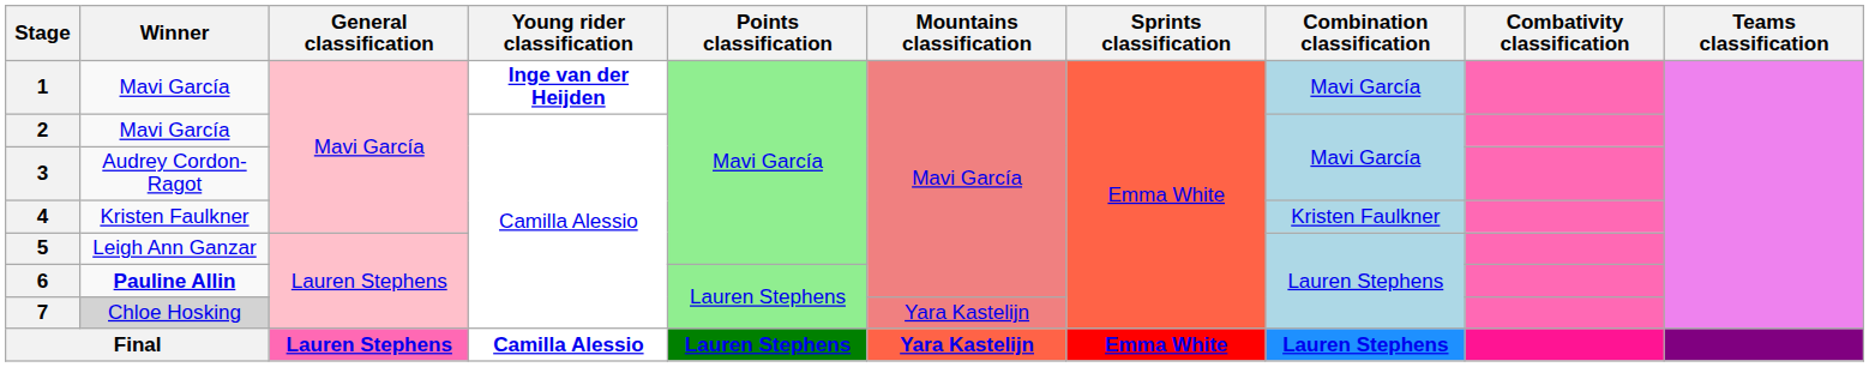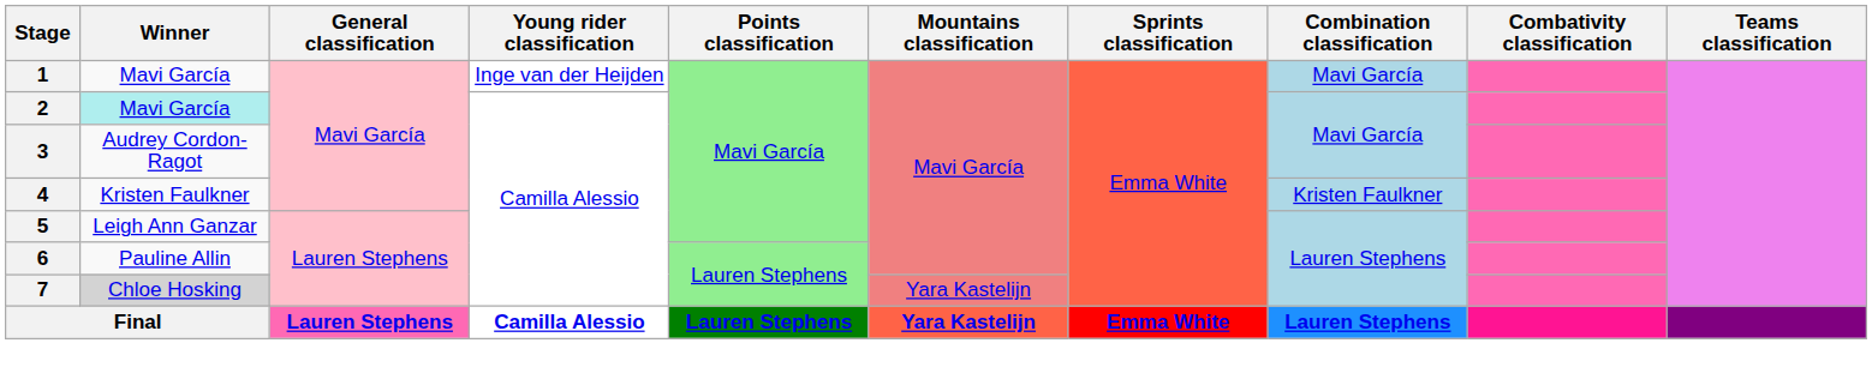 <table class="wikitable" style="text-align: center; font-size:86%;">
 <tr style="background-color: #efefef;">
 <th width="1%">Stage</th>
 <th width="7%">Winner</th>
 <th width="7%">General classification<br></th>
 <th width="7%">Young rider classification<br></th>
 <th width="7%">Points classification<br></th>
 <th width="7%">Mountains classification<br></th>
 <th width="7%">Sprints classification<br></th>
 <th width="7%">Combination classification<br></th>
 <th width="7%">Combativity classification<br></th>
 <th width="7%">Teams classification<br></th>
 </tr>
 <tr>
 <th>1</th>
 <td><a href='#'>Mavi García</a></td>
 <td style="background:pink;" rowspan=4><a href='#'>Mavi García</a></td>
-<td style="background:white;" rowspan=1><strong><a href='#'>Inge van der Heijden</a></strong></td>
+<td style="background:white;" rowspan=1><a href='#'>Inge van der Heijden</a></td>
 <td style="background:lightgreen;" rowspan=5><a href='#'>Mavi García</a></td>
 <td style="background:LightCoral;" rowspan=6><a href='#'>Mavi García</a></td>
 <td style="background:tomato;" rowspan=7><a href='#'><span>Emma White</span></a></td>
 <td style="background:lightblue;" rowspan=1><a href='#'>Mavi García</a></td>
 <td style="background:HotPink;" rowspan=1></td>
 <td style="background:violet;" rowspan=7></td>
 </tr>
 <tr>
 <th>2</th>
-<td><a href='#'>Mavi García</a></td>
+<td style="background: paleturquoise;"><a href='#'>Mavi García</a></td>
 <td style="background:white;" rowspan=6><a href='#'>Camilla Alessio</a></td>
 <td style="background:lightblue;" rowspan=2><a href='#'>Mavi García</a></td>
 <td style="background:HotPink;" rowspan=1></td>
 </tr>
 <tr>
 <th>3</th>
 <td><a href='#'>Audrey Cordon-Ragot</a></td>
 <td style="background:HotPink;" rowspan=1></td>
 </tr>
 <tr>
 <th>4</th>
 <td><a href='#'>Kristen Faulkner</a></td>
 <td style="background:lightblue;" rowspan=1><a href='#'>Kristen Faulkner</a></td>
 <td style="background:HotPink;" rowspan=1></td>
 </tr>
 <tr>
 <th>5</th>
 <td><a href='#'>Leigh Ann Ganzar</a></td>
 <td style="background:pink;" rowspan=3><a href='#'>Lauren Stephens</a></td>
 <td style="background:lightblue;" rowspan=3><a href='#'>Lauren Stephens</a></td>
 <td style="background:HotPink;" rowspan=1></td>
 </tr>
 <tr>
 <th>6</th>
-<td><strong><a href='#'>Pauline Allin</a></strong></td>
+<td><a href='#'>Pauline Allin</a></td>
 <td style="background:lightgreen;" rowspan=2><a href='#'>Lauren Stephens</a></td>
 <td style="background:HotPink;" rowspan=1></td>
 </tr>
 <tr>
 <th>7</th>
 <td style="background: lightgrey;"><a href='#'>Chloe Hosking</a></td>
 <td style="background:LightCoral;" rowspan=1><a href='#'>Yara Kastelijn</a></td>
 <td style="background:HotPink;" rowspan=1></td>
 </tr>
 <tr>
 <th colspan=2><strong>Final</strong></th>
 <th style="background:HotPink;"><a href='#'>Lauren Stephens</a></th>
 <th style="background:white;"><a href='#'>Camilla Alessio</a></th>
 <th style="background:green;"><a href='#'>Lauren Stephens</a></th>
 <th style="background:tomato;"><a href='#'>Yara Kastelijn</a></th>
 <th style="background:red;"><a href='#'><span>Emma White</span></a></th>
 <th style="background:dodgerblue;"><a href='#'>Lauren Stephens</a></th>
 <th style="background:DeepPink;"></th>
 <th style="background:purple;"></th>
 </tr>
 </table>
